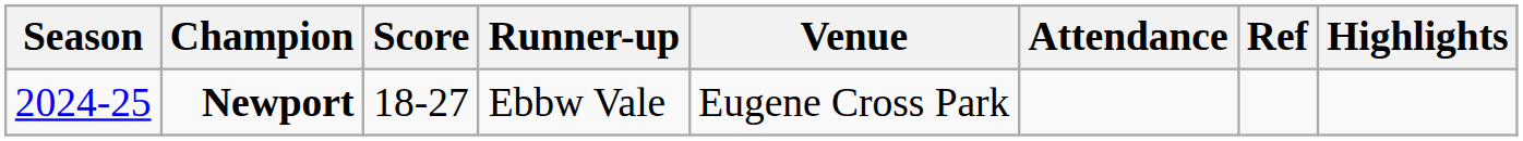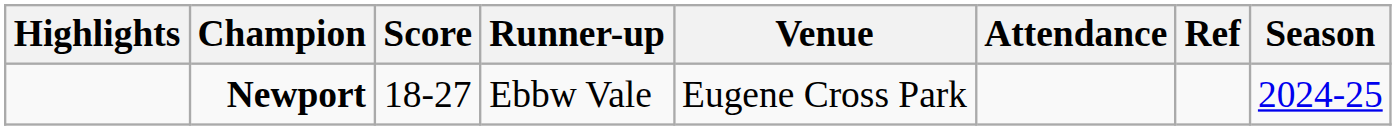 <table class="wikitable">
 <tr>
-<th>Season</th>
+<th>Highlights</th>
 <th> Champion</th>
 <th>Score</th>
 <th> Runner-up</th>
 <th>Venue</th>
 <th>Attendance</th>
 <th>Ref</th>
-<th>Highlights</th>
+<th>Season</th>
 </tr>
 <tr>
-<td><a href='#'>2024-25</a></td>
+<td></td>
 <td style="text-align:right;"><strong>Newport</strong></td>
 <td style="text-align:center;">18-27</td>
 <td style="text-align:left;">Ebbw Vale</td>
 <td>Eugene Cross Park</td>
 <td></td>
 <td></td>
-<td></td>
+<td><a href='#'>2024-25</a></td>
 </tr>
 </table>
